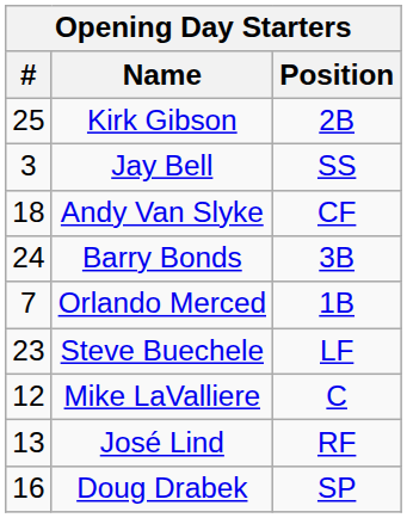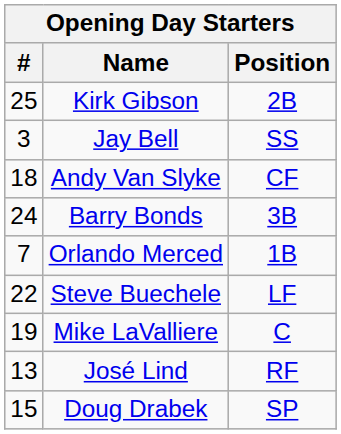 <table class="wikitable" style="text-align:center">
 <tr>
 <th colspan="3">Opening Day Starters</th>
 </tr>
 <tr>
 <th>#</th>
 <th>Name</th>
 <th>Position</th>
 </tr>
 <tr>
 <td>25</td>
 <td><a href='#'>Kirk Gibson</a></td>
 <td><a href='#'>2B</a></td>
 </tr>
 <tr>
 <td>3</td>
 <td><a href='#'>Jay Bell</a></td>
 <td><a href='#'>SS</a></td>
 </tr>
 <tr>
 <td>18</td>
 <td><a href='#'>Andy Van Slyke</a></td>
 <td><a href='#'>CF</a></td>
 </tr>
 <tr>
 <td>24</td>
 <td><a href='#'>Barry Bonds</a></td>
 <td><a href='#'>3B</a></td>
 </tr>
 <tr>
 <td>7</td>
 <td><a href='#'>Orlando Merced</a></td>
 <td><a href='#'>1B</a></td>
 </tr>
 <tr>
-<td>23</td>
+<td>22</td>
 <td><a href='#'>Steve Buechele</a></td>
 <td><a href='#'>LF</a></td>
 </tr>
 <tr>
-<td>12</td>
+<td>19</td>
 <td><a href='#'>Mike LaValliere</a></td>
 <td><a href='#'>C</a></td>
 </tr>
 <tr>
 <td>13</td>
 <td><a href='#'>José Lind</a></td>
 <td><a href='#'>RF</a></td>
 </tr>
 <tr>
-<td>16</td>
+<td>15</td>
 <td><a href='#'>Doug Drabek</a></td>
 <td><a href='#'>SP</a></td>
 </tr>
 </table>
